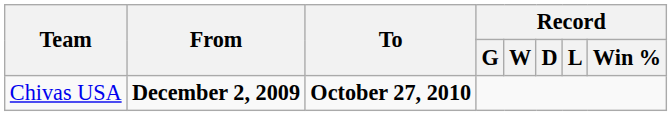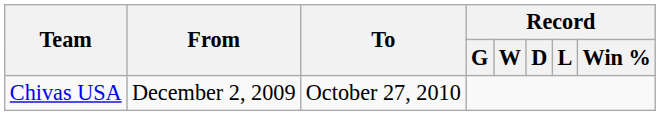 <table class="wikitable" style="text-align: center">
 <tr>
 <th rowspan=2>Team</th>
 <th rowspan=2>From</th>
 <th rowspan=2>To</th>
 <th colspan=5>Record</th>
 </tr>
 <tr>
 <th>G</th>
 <th>W</th>
 <th>D</th>
 <th>L</th>
 <th>Win %</th>
 </tr>
 <tr>
 <td align=left><a href='#'>Chivas USA</a></td>
-<td align=left><strong>December 2, 2009</strong></td>
-<td align=left><strong>October 27, 2010<br></strong></td>
+<td align=left>December 2, 2009</td>
+<td align=left>October 27, 2010<br></td>
 </tr>
 </table>
